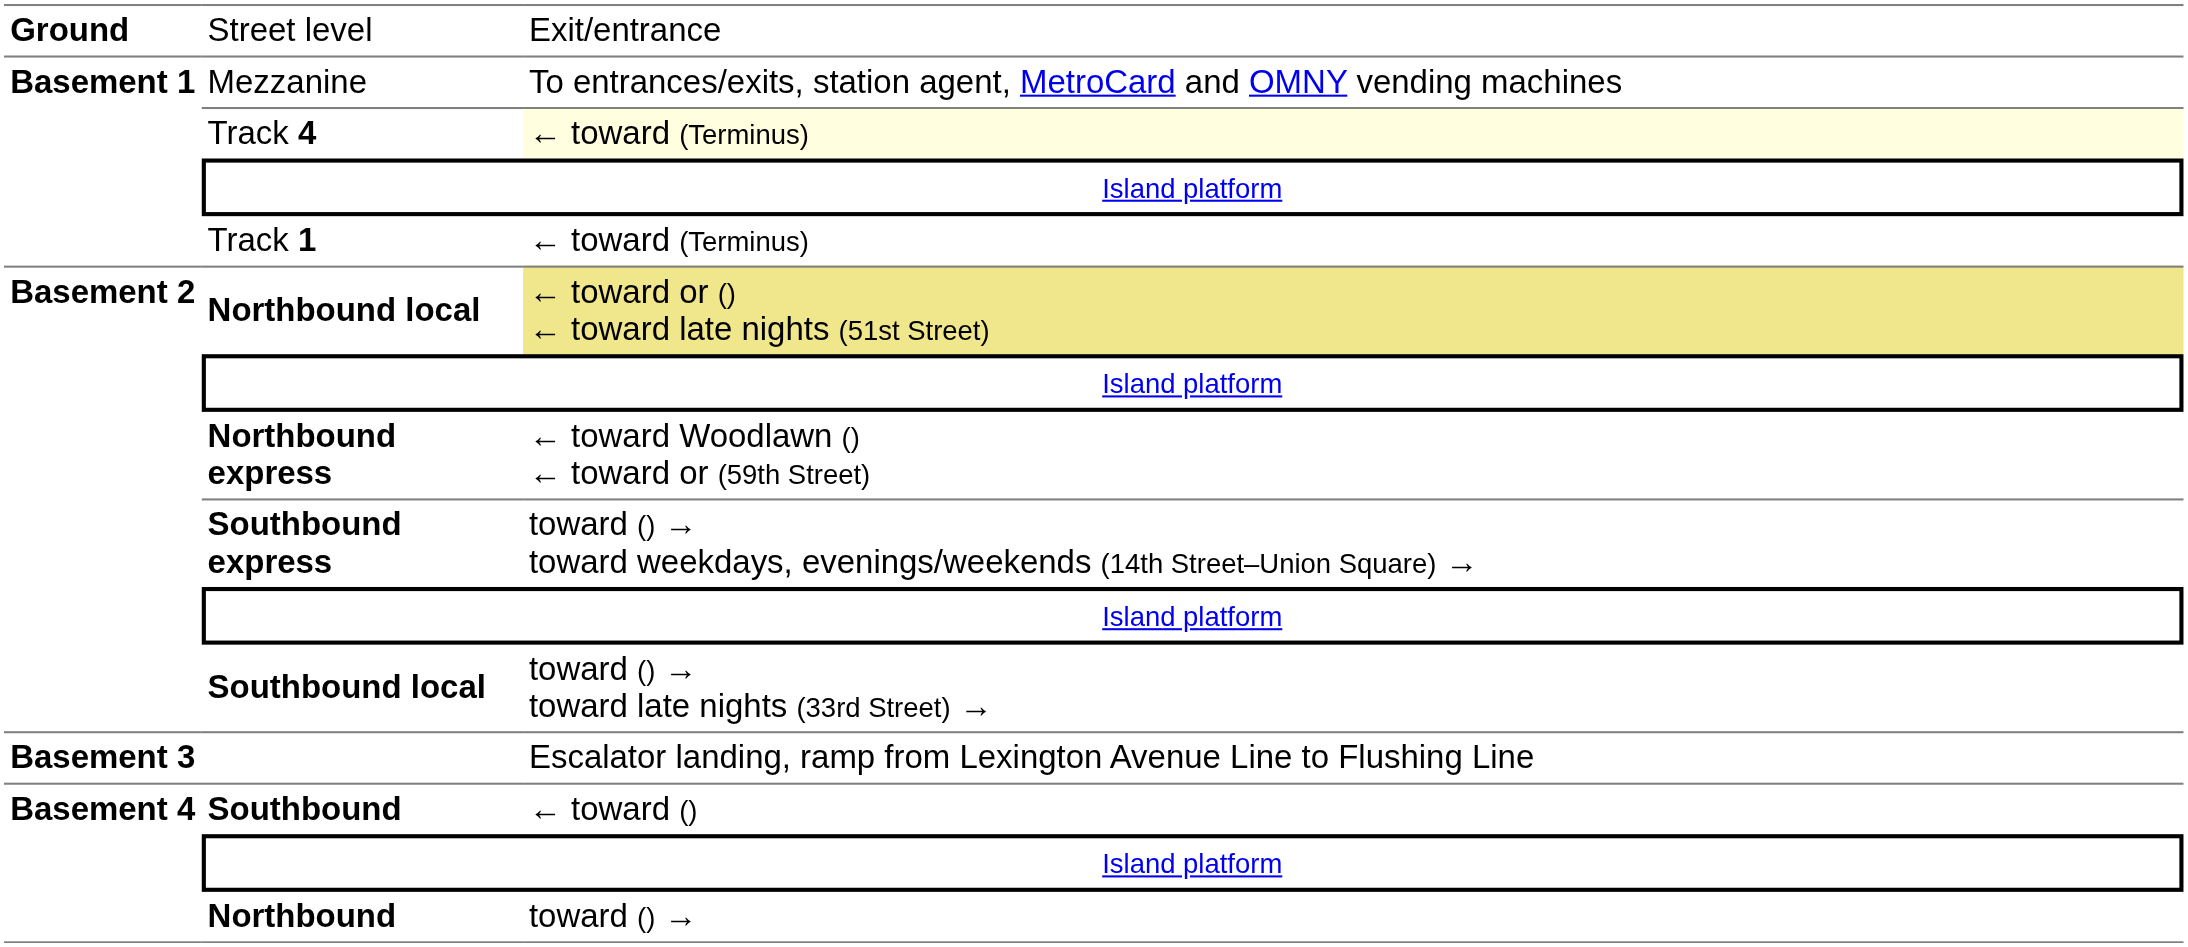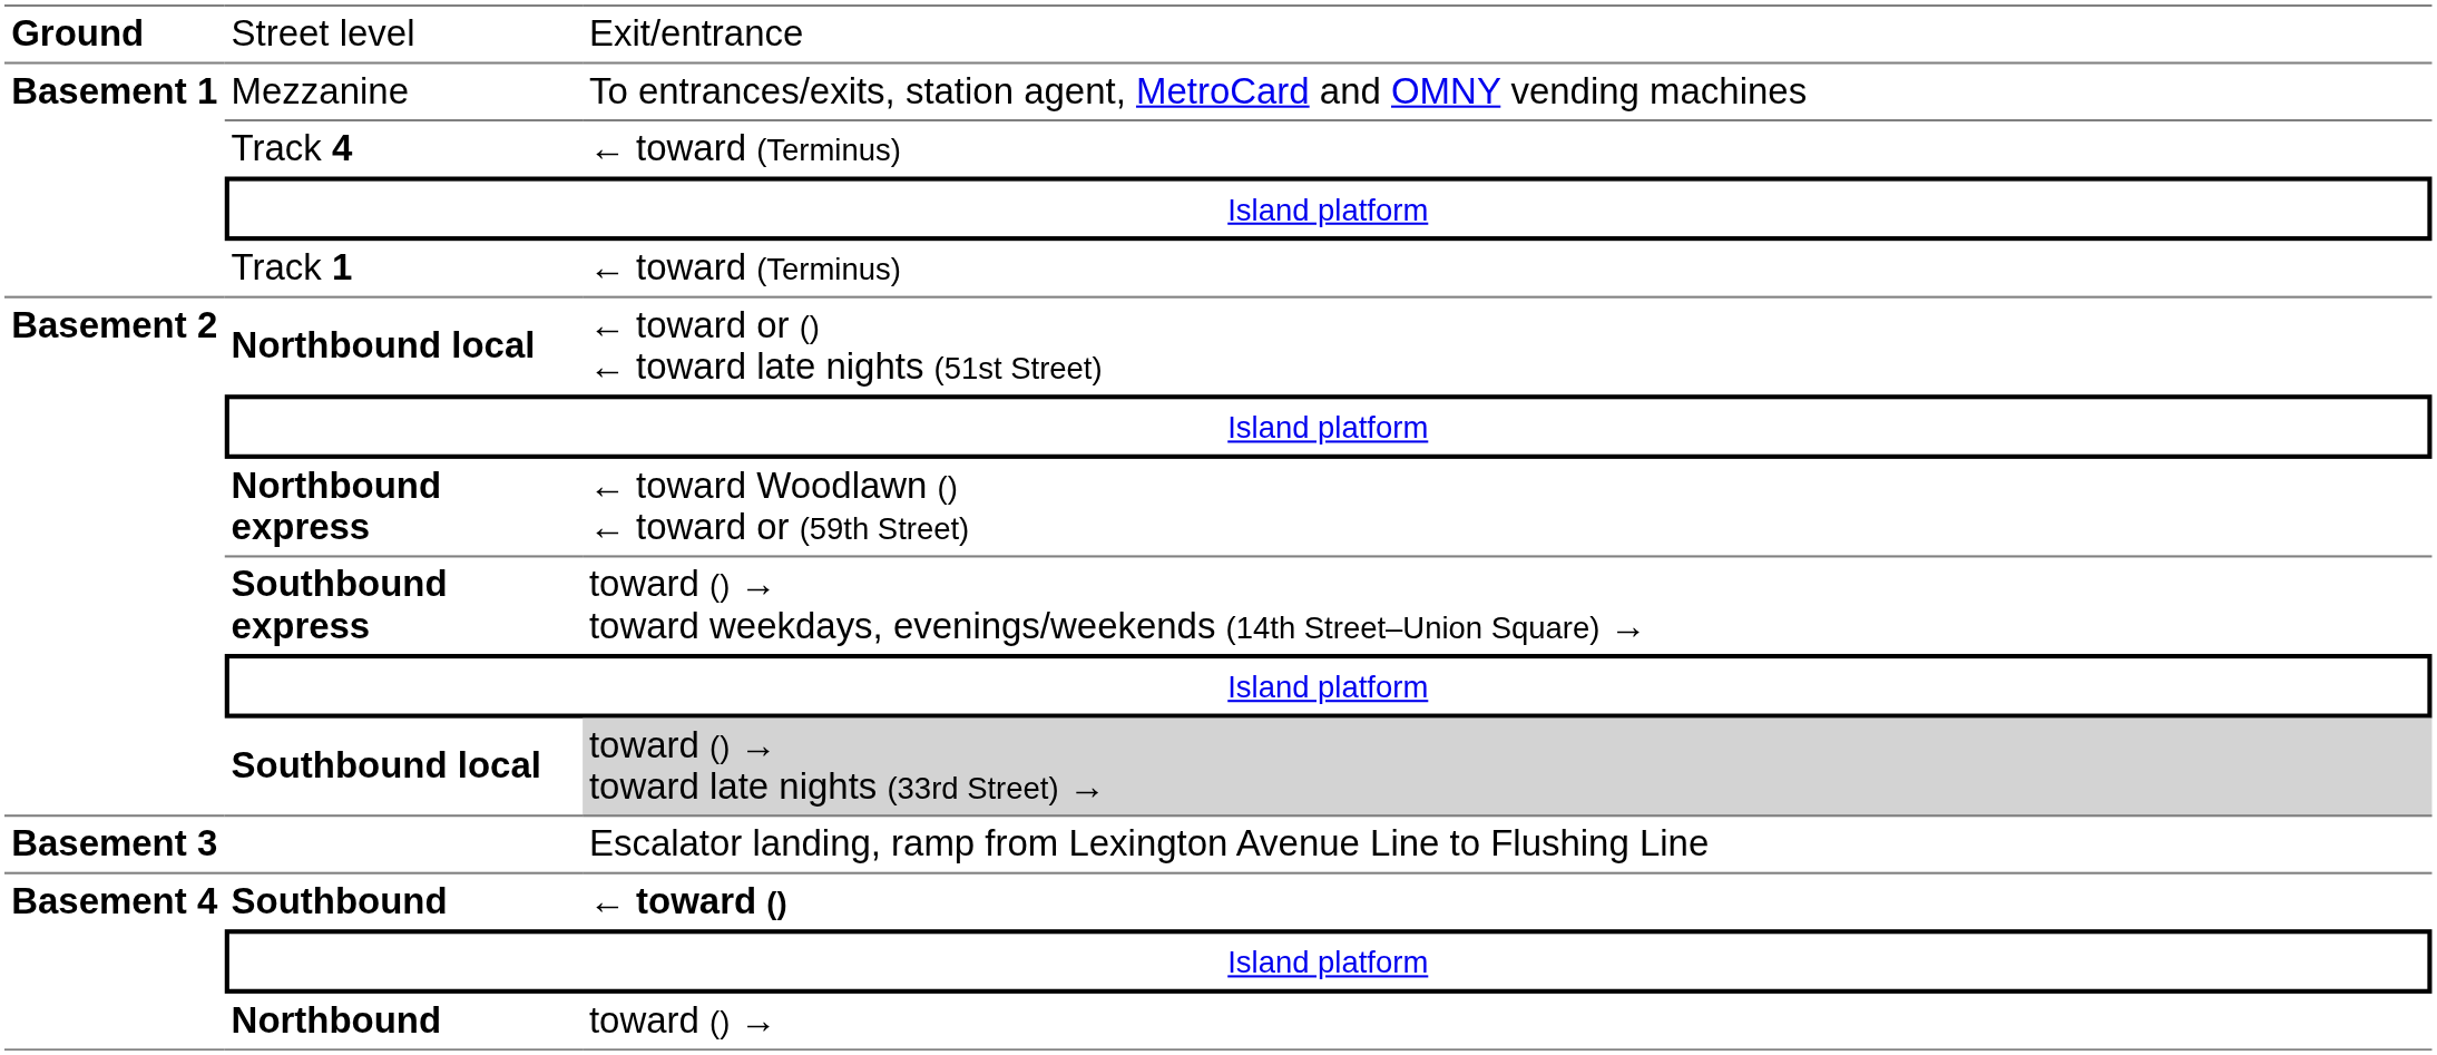 <table border=0 cellspacing=0 cellpadding=3>
 <tr>
 <td style="border-top:solid 1px gray;" width=50><strong>Ground</strong></td>
 <td style="border-top:solid 1px gray;" width=150>Street level</td>
 <td style="border-top:solid 1px gray;" width=800>Exit/entrance<br></td>
 </tr>
 <tr>
 <td style="border-top:solid 1px gray;vertical-align:top;" rowspan=4><strong>Basement 1</strong></td>
 <td style="border-top:solid 1px gray;border-bottom:solid 1px gray;">Mezzanine</td>
 <td style="border-top:solid 1px gray;border-bottom:solid 1px gray;">To entrances/exits, station agent, <a href='#'>MetroCard</a> and <a href='#'>OMNY</a> vending machines</td>
 </tr>
 <tr>
 <td>Track <span><strong>4</strong></span></td>
-<td style="background: lightyellow;">←  toward  <small>(Terminus)</small></td>
+<td>←  toward  <small>(Terminus)</small></td>
 </tr>
 <tr>
 <td style="border-top:solid 2px black;border-right:solid 2px black;border-left:solid 2px black;border-bottom:solid 2px black;text-align:center;" colspan=2><small><a href='#'>Island platform</a></small> </td>
 </tr>
 <tr>
 <td>Track <span><strong>1</strong></span></td>
 <td>←  toward  <small>(Terminus)</small></td>
 </tr>
 <tr>
 <td style="border-bottom:solid 1px gray;border-top:solid 1px gray;vertical-align:top;" rowspan=6><strong>Basement 2</strong></td>
 <td style="border-top:solid 1px gray;"><span><strong>Northbound local</strong></span></td>
-<td style="background: khaki; border-top:solid 1px gray;">←  toward  or  <small>()</small><br>←  toward  late nights <small>(51st Street)</small></td>
+<td style="border-top:solid 1px gray;">←  toward  or  <small>()</small><br>←  toward  late nights <small>(51st Street)</small></td>
 </tr>
 <tr>
 <td style="border-top:solid 2px black;border-right:solid 2px black;border-left:solid 2px black;border-bottom:solid 2px black;text-align:center;" colspan=2><small><a href='#'>Island platform</a> </small></td>
 </tr>
 <tr>
 <td style="border-bottom:solid 1px gray;"><span><strong>Northbound express</strong></span></td>
 <td style="border-bottom:solid 1px gray;">←  toward Woodlawn <small>()</small><br>←  toward  or  <small>(59th Street)</small></td>
 </tr>
 <tr>
 <td><span><strong>Southbound express</strong></span></td>
 <td>  toward  <small>()</small> →<br>  toward  weekdays,  evenings/weekends <small>(14th Street–Union Square)</small> →</td>
 </tr>
 <tr>
 <td style="border-top:solid 2px black;border-right:solid 2px black;border-left:solid 2px black;border-bottom:solid 2px black;text-align:center;" colspan=2><small><a href='#'>Island platform</a> </small></td>
 </tr>
 <tr>
 <td style="border-bottom:solid 1px gray;"><span><strong>Southbound local</strong></span></td>
-<td style="border-bottom:solid 1px gray;">  toward  <small>()</small> →<br>  toward  late nights <small>(33rd Street)</small> →</td>
+<td style="background: lightgrey; border-bottom:solid 1px gray;">  toward  <small>()</small> →<br>  toward  late nights <small>(33rd Street)</small> →</td>
 </tr>
 <tr>
 <td style="border-bottom:solid 1px gray;" colspan=2><strong>Basement 3</strong></td>
 <td style="border-bottom:solid 1px gray;">Escalator landing, ramp from Lexington Avenue Line to Flushing Line</td>
 </tr>
 <tr>
 <td style="border-bottom:solid 1px gray;width:50px; vertical-align:top;" rowspan=3><strong>Basement 4</strong></td>
 <td><span><strong>Southbound</strong></span></td>
-<td>←  toward  <small>()</small></td>
+<td><strong>←  toward  <small>()</small></strong></td>
 </tr>
 <tr>
 <td style="border-top:solid 2px black;border-right:solid 2px black;border-left:solid 2px black;border-bottom:solid 2px black;text-align:center;" colspan=2><small><a href='#'>Island platform</a> </small></td>
 </tr>
 <tr>
 <td style="border-bottom:solid 1px gray;"><span><strong>Northbound</strong></span></td>
 <td style="border-bottom:solid 1px gray;">  toward  <small>()</small> →</td>
 </tr>
 </table>
